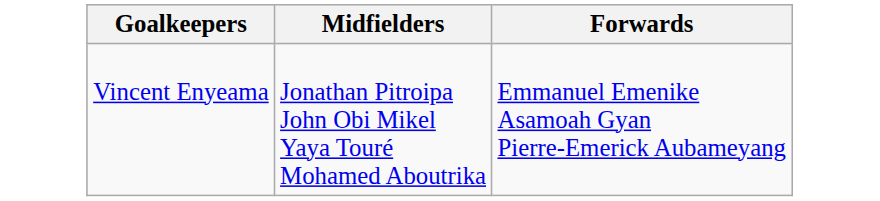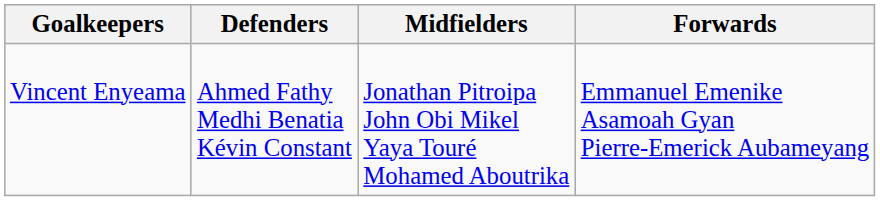 <table class="wikitable" style="margin:0 auto">
 <tr>
 <th>Goalkeepers</th>
+<th>Defenders</th>
 <th>Midfielders</th>
 <th>Forwards</th>
 </tr>
 <tr>
 <td align=left valign=top><br> <a href='#'>Vincent Enyeama</a></td>
+<td align=left valign=top><br> <a href='#'>Ahmed Fathy</a><br>  <a href='#'>Medhi Benatia</a><br>  <a href='#'>Kévin Constant</a></td>
 <td align=left valign=top><br> <a href='#'>Jonathan Pitroipa</a><br>  <a href='#'>John Obi Mikel</a><br>  <a href='#'>Yaya Touré</a><br>  <a href='#'>Mohamed Aboutrika</a></td>
 <td align=left valign=top><br> <a href='#'>Emmanuel Emenike</a><br>  <a href='#'>Asamoah Gyan</a><br>  <a href='#'>Pierre-Emerick Aubameyang</a></td>
 </tr>
 </table>
